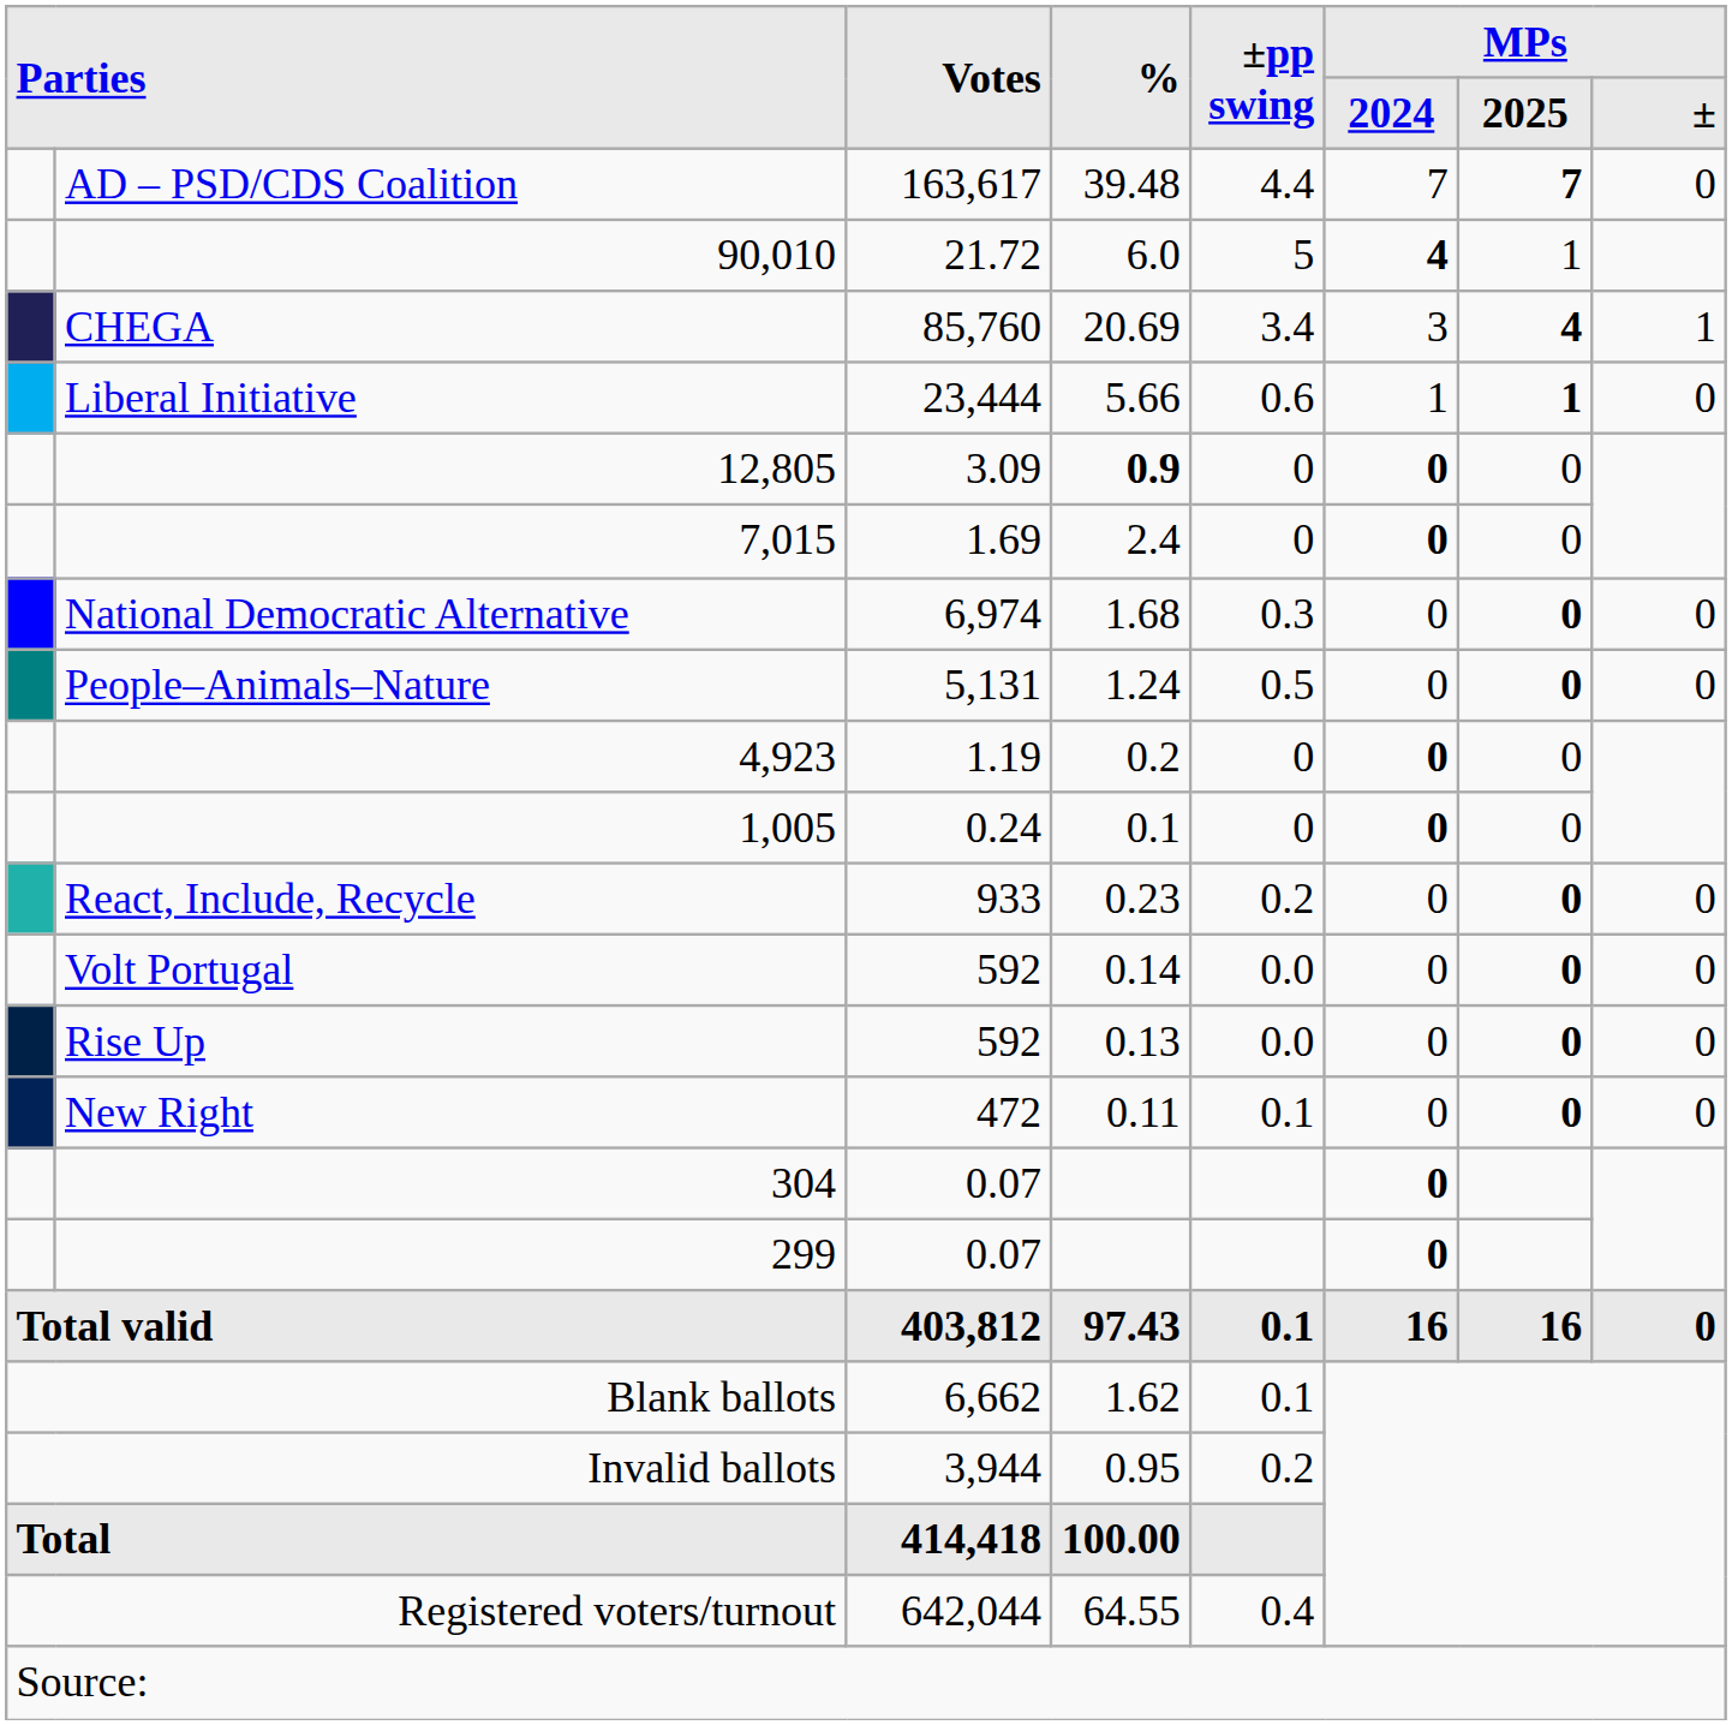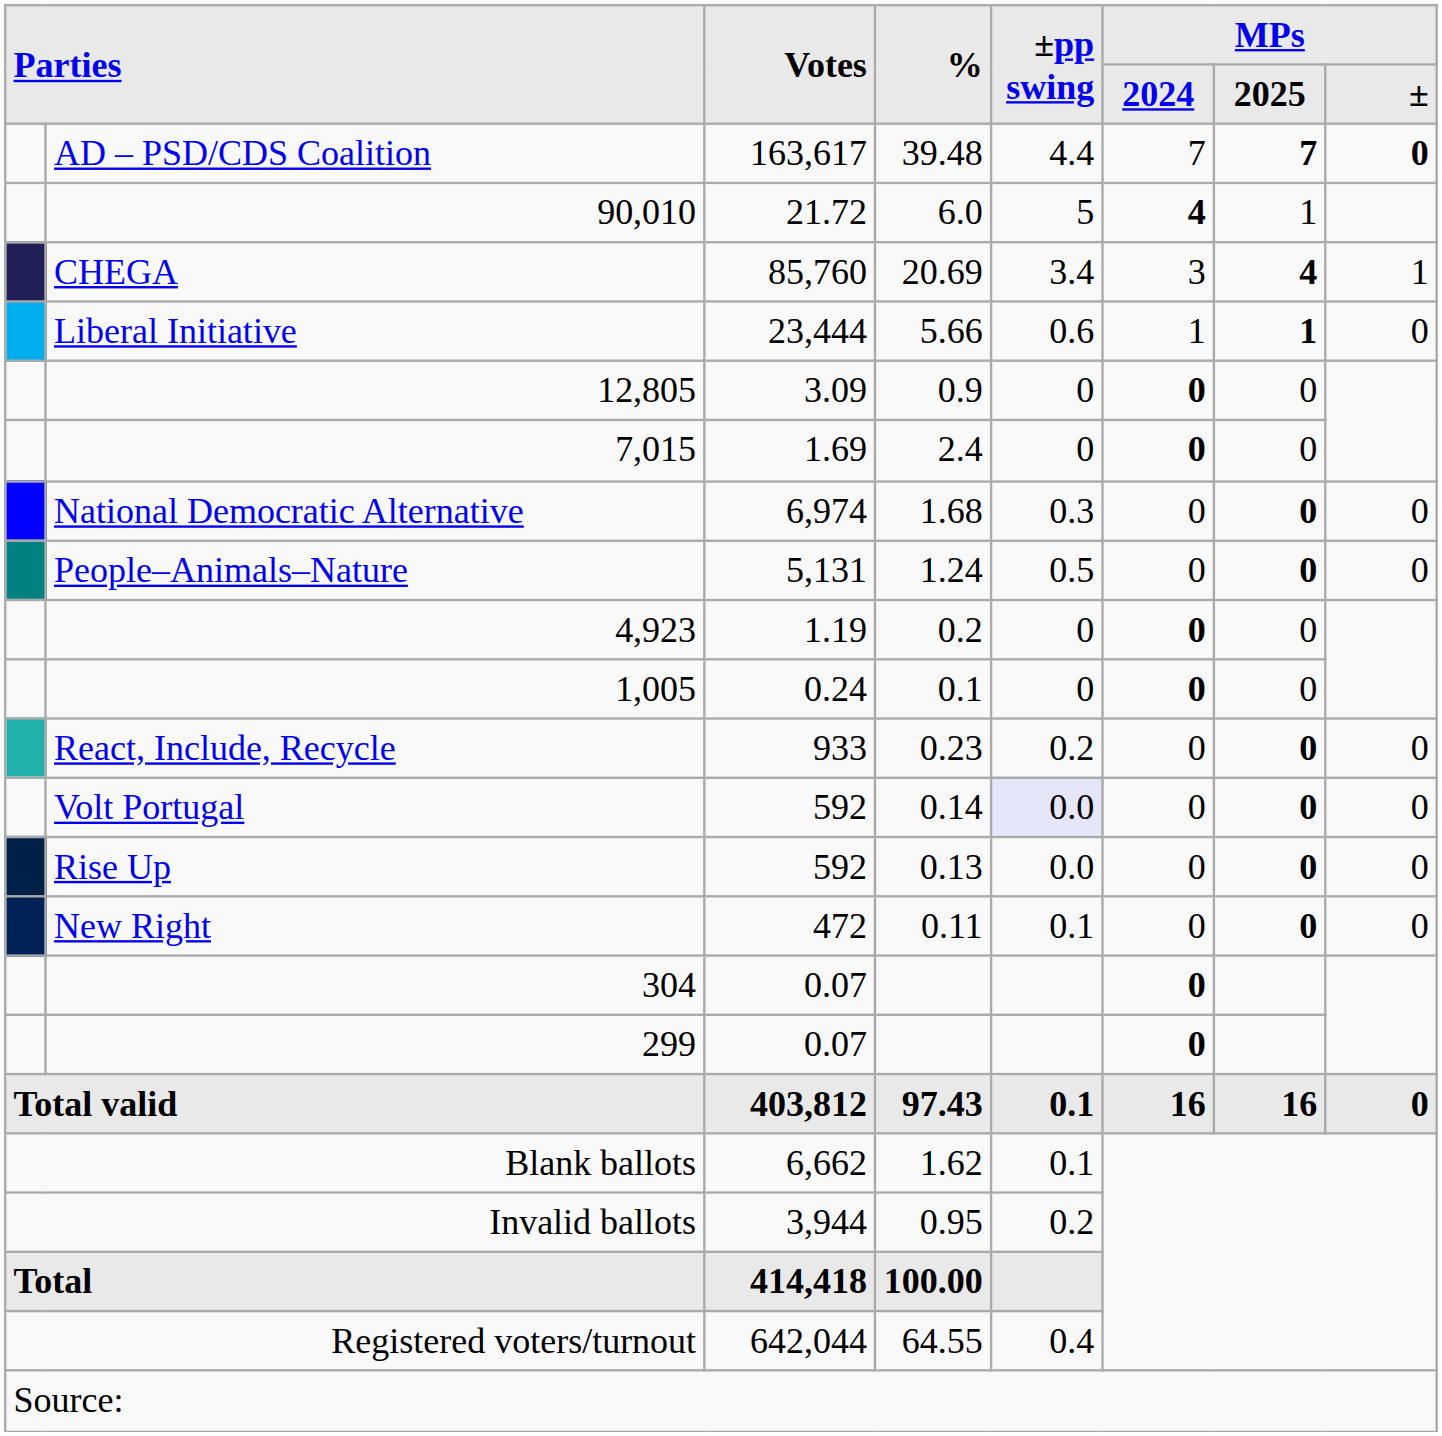 <table class="wikitable" style="text-align:right; font-size:95%;">
 <tr>
 <th rowspan="2" colspan="2" style="background:#e9e9e9; text-align:left;" alignleft><a href='#'>Parties</a></th>
 <th rowspan="2" style="background:#e9e9e9; text-align:right;">Votes</th>
 <th rowspan="2" style="background:#e9e9e9; text-align:right;">%</th>
 <th rowspan="2" style="background:#e9e9e9; text-align:right;">±<a href='#'>pp</a> <a href='#'>swing</a></th>
 <th colspan="3" style="background:#e9e9e9; text-align:center;"><a href='#'>MPs</a></th>
 </tr>
 <tr style="background-color:#E9E9E9">
 <th style="background-color:#E9E9E9;text-align:center;"><a href='#'>2024</a></th>
 <th style="background-color:#E9E9E9;text-align:center;">2025</th>
 <th style="background:#e9e9e9; text-align:right;">±</th>
 </tr>
 <tr>
 <td style="width: 10px" bgcolor=></td>
 <td align="left"><a href='#'>AD – PSD/CDS Coalition</a> </td>
 <td>163,617</td>
 <td>39.48</td>
 <td>4.4</td>
 <td>7</td>
 <td><strong>7</strong></td>
-<td>0</td>
+<td><strong>0</strong></td>
 </tr>
 <tr>
 <td></td>
 <td>90,010</td>
 <td>21.72</td>
 <td>6.0</td>
 <td>5</td>
 <td><strong>4</strong></td>
 <td>1</td>
 </tr>
 <tr>
 <td style="width: 10px" bgcolor="#202056" align="center"></td>
 <td align="left"><a href='#'>CHEGA</a></td>
 <td>85,760</td>
 <td>20.69</td>
 <td>3.4</td>
 <td>3</td>
 <td><strong>4</strong></td>
 <td>1</td>
 </tr>
 <tr>
 <td style="width: 10px" bgcolor="#00ADEF" align="center"></td>
 <td align="left"><a href='#'>Liberal Initiative</a></td>
 <td>23,444</td>
 <td>5.66</td>
 <td>0.6</td>
 <td>1</td>
 <td><strong>1</strong></td>
 <td>0</td>
 </tr>
 <tr>
 <td></td>
 <td>12,805</td>
 <td>3.09</td>
-<td><strong>0.9</strong></td>
+<td>0.9</td>
 <td>0</td>
 <td><strong>0</strong></td>
 <td>0</td>
 </tr>
 <tr>
 <td></td>
 <td>7,015</td>
 <td>1.69</td>
 <td>2.4</td>
 <td>0</td>
 <td><strong>0</strong></td>
 <td>0</td>
 </tr>
 <tr>
 <td style="width: 10px" bgcolor="blue" align="center"></td>
 <td align="left"><a href='#'>National Democratic Alternative</a></td>
 <td>6,974</td>
 <td>1.68</td>
 <td>0.3</td>
 <td>0</td>
 <td><strong>0</strong></td>
 <td>0</td>
 </tr>
 <tr>
 <td style="width: 10px" bgcolor="teal" align="center"></td>
 <td align="left"><a href='#'>People–Animals–Nature</a></td>
 <td>5,131</td>
 <td>1.24</td>
 <td>0.5</td>
 <td>0</td>
 <td><strong>0</strong></td>
 <td>0</td>
 </tr>
 <tr>
 <td></td>
 <td>4,923</td>
 <td>1.19</td>
 <td>0.2</td>
 <td>0</td>
 <td><strong>0</strong></td>
 <td>0</td>
 </tr>
 <tr>
 <td></td>
 <td>1,005</td>
 <td>0.24</td>
 <td>0.1</td>
 <td>0</td>
 <td><strong>0</strong></td>
 <td>0</td>
 </tr>
 <tr>
 <td style="width: 10px" bgcolor="LightSeaGreen" align="center"></td>
 <td align="left"><a href='#'>React, Include, Recycle</a></td>
 <td>933</td>
 <td>0.23</td>
 <td>0.2</td>
 <td>0</td>
 <td><strong>0</strong></td>
 <td>0</td>
 </tr>
 <tr>
 <td style="width: 10px"></td>
 <td align="left"><a href='#'>Volt Portugal</a></td>
 <td>592</td>
 <td>0.14</td>
-<td>0.0</td>
+<td style="background: lavender;">0.0</td>
 <td>0</td>
 <td><strong>0</strong></td>
 <td>0</td>
 </tr>
 <tr>
 <td style="width: 10px" bgcolor="#002147" align="center"></td>
 <td align="left"><a href='#'>Rise Up</a></td>
 <td>592</td>
 <td>0.13</td>
 <td>0.0</td>
 <td>0</td>
 <td><strong>0</strong></td>
 <td>0</td>
 </tr>
 <tr>
 <td style="width: 10px" bgcolor="#012257" align="center"></td>
 <td align="left"><a href='#'>New Right</a></td>
 <td>472</td>
 <td>0.11</td>
 <td>0.1</td>
 <td>0</td>
 <td><strong>0</strong></td>
 <td>0</td>
 </tr>
 <tr>
 <td></td>
 <td>304</td>
 <td>0.07</td>
 <td></td>
 <td></td>
 <td><strong>0</strong></td>
 <td></td>
 </tr>
 <tr>
 <td></td>
 <td>299</td>
 <td>0.07</td>
 <td></td>
 <td></td>
 <td><strong>0</strong></td>
 <td></td>
 </tr>
 <tr>
 <td colspan=2 width="288" align=left style="background-color:#E9E9E9"><strong>Total valid</strong></td>
 <td width="65" align="right" style="background-color:#E9E9E9"><strong>403,812</strong></td>
 <td width="40" align="right" style="background-color:#E9E9E9"><strong>97.43</strong></td>
 <td width="40" align="right" style="background-color:#E9E9E9"><strong>0.1</strong></td>
 <td width="40" align="right" style="background-color:#E9E9E9"><strong>16</strong></td>
 <td width="40" align="right" style="background-color:#E9E9E9"><strong>16</strong></td>
 <td width="40" align="right" style="background-color:#E9E9E9"><strong>0</strong></td>
 </tr>
 <tr>
 <td colspan=2>Blank ballots</td>
 <td>6,662</td>
 <td>1.62</td>
 <td>0.1</td>
 <td colspan=3 rowspan=4></td>
 </tr>
 <tr>
 <td colspan=2>Invalid ballots</td>
 <td>3,944</td>
 <td>0.95</td>
 <td>0.2</td>
 </tr>
 <tr>
 <td colspan=2 align=left style="background-color:#E9E9E9"><strong>Total</strong></td>
 <td width="50" align="right" style="background-color:#E9E9E9"><strong>414,418</strong></td>
 <td width="40" align="right" style="background-color:#E9E9E9"><strong>100.00</strong></td>
 <td width="40" align="right" style="background-color:#E9E9E9"></td>
 </tr>
 <tr>
 <td colspan=2>Registered voters/turnout</td>
 <td>642,044</td>
 <td>64.55</td>
 <td>0.4</td>
 </tr>
 <tr>
 <td colspan=8 align=left>Source: </td>
 </tr>
 </table>
